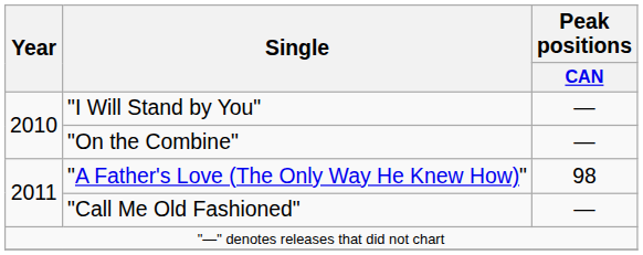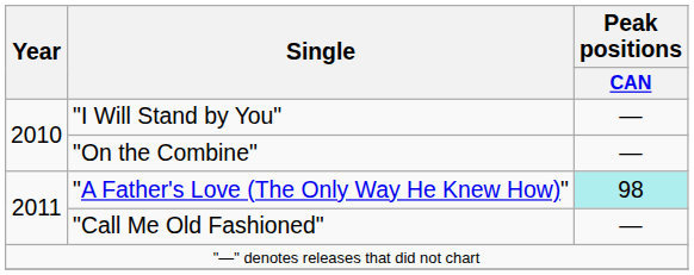 <table class="wikitable" style="text-align:center;">
 <tr>
 <th rowspan="2">Year</th>
 <th rowspan="2">Single</th>
 <th>Peak positions</th>
 </tr>
 <tr style="font-size:smaller;">
 <th width="65"><a href='#'>CAN</a> <br> </th>
 </tr>
 <tr>
 <td rowspan="2">2010</td>
 <td align="left">"I Will Stand by You"</td>
 <td>—</td>
 </tr>
 <tr>
 <td align="left">"On the Combine"</td>
 <td>—</td>
 </tr>
 <tr>
 <td rowspan="2">2011</td>
 <td align="left">"<a href='#'>A Father's Love (The Only Way He Knew How)</a>"</td>
-<td>98</td>
+<td style="background: paleturquoise;">98</td>
 </tr>
 <tr>
 <td align="left">"Call Me Old Fashioned"</td>
 <td>—</td>
 </tr>
 <tr>
 <td colspan="3" style="font-size:8pt">"—" denotes releases that did not chart</td>
 </tr>
 <tr>
 </tr>
 </table>
